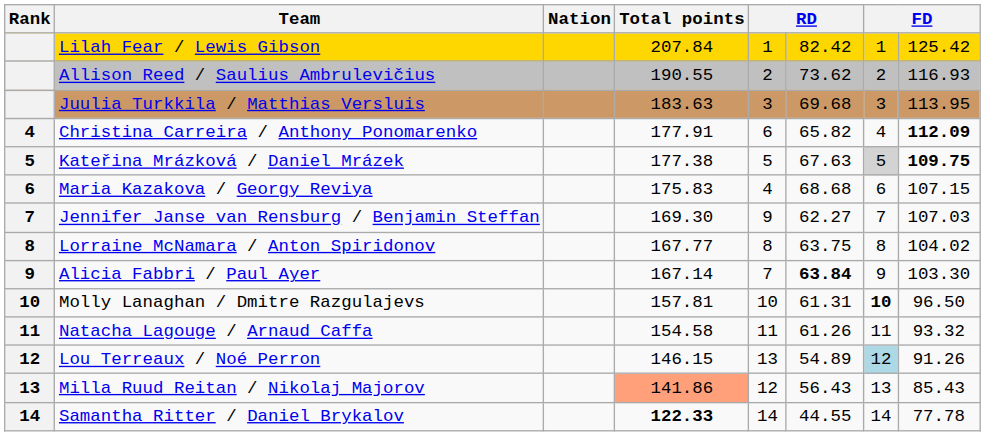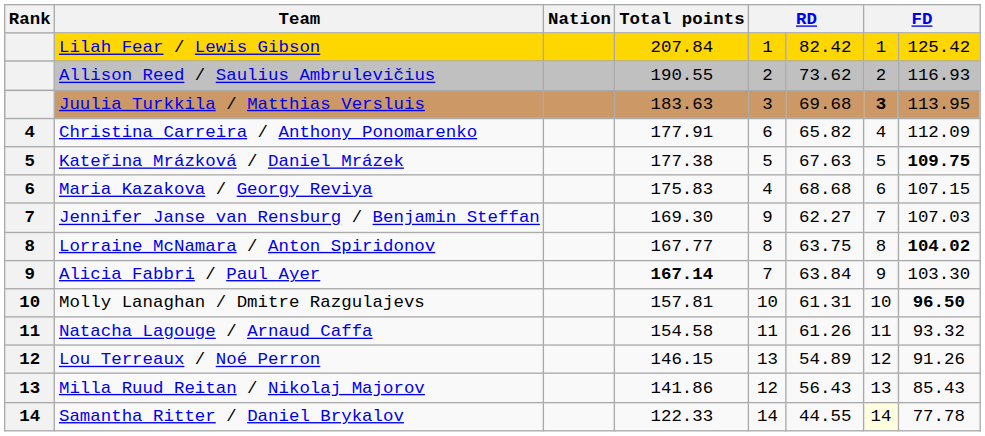 <table class="wikitable sortable" style="text-align:left">
 <tr>
 <th scope="col">Rank</th>
 <th scope="col">Team</th>
 <th scope="col">Nation</th>
 <th scope="col">Total points</th>
 <th scope="col" colspan="2" width="80px"><a href='#'>RD</a></th>
 <th scope="col" colspan="2" width="80px"><a href='#'>FD</a></th>
 </tr>
 <tr bgcolor="gold">
 <th scope="row"></th>
 <td><a href='#'>Lilah Fear</a> / <a href='#'>Lewis Gibson</a></td>
 <td></td>
 <td align="center">207.84</td>
 <td align="center">1</td>
 <td align="center">82.42</td>
 <td align="center">1</td>
 <td align="center">125.42</td>
 </tr>
 <tr bgcolor="silver">
 <th scope="row"></th>
 <td><a href='#'>Allison Reed</a> / <a href='#'>Saulius Ambrulevičius</a></td>
 <td></td>
 <td align="center">190.55</td>
 <td align="center">2</td>
 <td align="center">73.62</td>
 <td align="center">2</td>
 <td align="center">116.93</td>
 </tr>
 <tr bgcolor="cc9966">
 <th scope="row"></th>
 <td><a href='#'>Juulia Turkkila</a> / <a href='#'>Matthias Versluis</a></td>
 <td></td>
 <td align="center">183.63</td>
 <td align="center">3</td>
 <td align="center">69.68</td>
-<td align="center">3</td>
+<td align="center"><strong>3</strong></td>
 <td align="center">113.95</td>
 </tr>
 <tr>
 <th scope="row">4</th>
 <td><a href='#'>Christina Carreira</a> / <a href='#'>Anthony Ponomarenko</a></td>
 <td></td>
 <td align="center">177.91</td>
 <td align="center">6</td>
 <td align="center">65.82</td>
 <td align="center">4</td>
-<td align="center"><strong>112.09</strong></td>
+<td align="center">112.09</td>
 </tr>
 <tr>
 <th scope="row">5</th>
 <td><a href='#'>Kateřina Mrázková</a> / <a href='#'>Daniel Mrázek</a></td>
 <td></td>
 <td align="center">177.38</td>
 <td align="center">5</td>
 <td align="center">67.63</td>
-<td align="center" style="background: lightgrey;">5</td>
+<td align="center">5</td>
 <td align="center"><strong>109.75</strong></td>
 </tr>
 <tr>
 <th scope="row">6</th>
 <td><a href='#'>Maria Kazakova</a> / <a href='#'>Georgy Reviya</a></td>
 <td></td>
 <td align="center">175.83</td>
 <td align="center">4</td>
 <td align="center">68.68</td>
 <td align="center">6</td>
 <td align="center">107.15</td>
 </tr>
 <tr>
 <th scope="row">7</th>
 <td><a href='#'>Jennifer Janse van Rensburg</a> / <a href='#'>Benjamin Steffan</a></td>
 <td></td>
 <td align="center">169.30</td>
 <td align="center">9</td>
 <td align="center">62.27</td>
 <td align="center">7</td>
 <td align="center">107.03</td>
 </tr>
 <tr>
 <th scope="row">8</th>
 <td><a href='#'>Lorraine McNamara</a> / <a href='#'>Anton Spiridonov</a></td>
 <td></td>
 <td align="center">167.77</td>
 <td align="center">8</td>
 <td align="center">63.75</td>
 <td align="center">8</td>
-<td align="center">104.02</td>
+<td align="center"><strong>104.02</strong></td>
 </tr>
 <tr>
 <th scope="row">9</th>
 <td><a href='#'>Alicia Fabbri</a> / <a href='#'>Paul Ayer</a></td>
 <td></td>
-<td align="center">167.14</td>
+<td align="center"><strong>167.14</strong></td>
 <td align="center">7</td>
-<td align="center"><strong>63.84</strong></td>
+<td align="center">63.84</td>
 <td align="center">9</td>
 <td align="center">103.30</td>
 </tr>
 <tr>
 <th scope="row">10</th>
 <td>Molly Lanaghan / Dmitre Razgulajevs</td>
 <td></td>
 <td align="center">157.81</td>
 <td align="center">10</td>
 <td align="center">61.31</td>
-<td align="center"><strong>10</strong></td>
-<td align="center">96.50</td>
+<td align="center">10</td>
+<td align="center"><strong>96.50</strong></td>
 </tr>
 <tr>
 <th scope="row">11</th>
 <td><a href='#'>Natacha Lagouge</a> / <a href='#'>Arnaud Caffa</a></td>
 <td></td>
 <td align="center">154.58</td>
 <td align="center">11</td>
 <td align="center">61.26</td>
 <td align="center">11</td>
 <td align="center">93.32</td>
 </tr>
 <tr>
 <th scope="row">12</th>
 <td><a href='#'>Lou Terreaux</a> / <a href='#'>Noé Perron</a></td>
 <td></td>
 <td align="center">146.15</td>
 <td align="center">13</td>
 <td align="center">54.89</td>
-<td align="center" style="background: lightblue;">12</td>
+<td align="center">12</td>
 <td align="center">91.26</td>
 </tr>
 <tr>
 <th scope="row">13</th>
 <td><a href='#'>Milla Ruud Reitan</a> / <a href='#'>Nikolaj Majorov</a></td>
 <td></td>
-<td align="center" style="background: lightsalmon;">141.86</td>
+<td align="center">141.86</td>
 <td align="center">12</td>
 <td align="center">56.43</td>
 <td align="center">13</td>
 <td align="center">85.43</td>
 </tr>
 <tr>
 <th scope="row">14</th>
 <td><a href='#'>Samantha Ritter</a> / <a href='#'>Daniel Brykalov</a></td>
 <td></td>
-<td align="center"><strong>122.33</strong></td>
+<td align="center">122.33</td>
 <td align="center">14</td>
 <td align="center">44.55</td>
-<td align="center">14</td>
+<td align="center" style="background: lightyellow;">14</td>
 <td align="center">77.78</td>
 </tr>
 </table>
